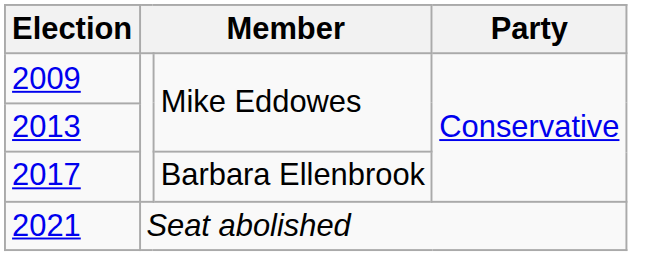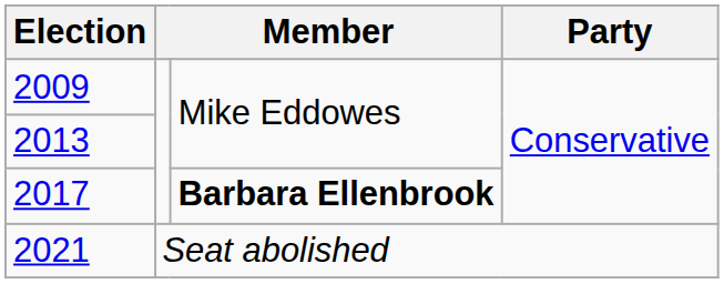 <table class="wikitable">
 <tr>
 <th>Election</th>
 <th colspan="2">Member</th>
 <th>Party</th>
 </tr>
 <tr>
 <td><a href='#'>2009</a></td>
 <td rowspan="3" style="background-color: "></td>
 <td rowspan="2">Mike Eddowes</td>
 <td rowspan="3"><a href='#'>Conservative</a></td>
 </tr>
 <tr>
 <td><a href='#'>2013</a></td>
 </tr>
 <tr>
 <td><a href='#'>2017</a></td>
-<td rowspan="1">Barbara Ellenbrook</td>
+<td rowspan="1"><strong>Barbara Ellenbrook</strong></td>
 </tr>
 <tr>
 <td><a href='#'>2021</a></td>
 <td colspan="3"><em>Seat abolished</em></td>
 </tr>
 </table>
